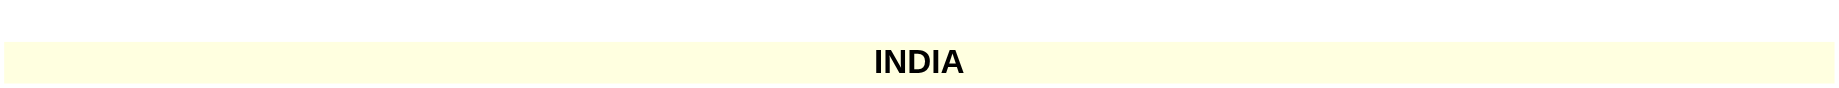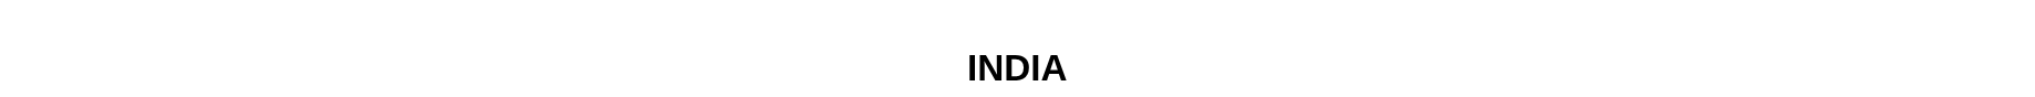 <table style="width:100%; text-align:center;">
 <tr style="color:white;">
 <td style="background:"><strong>39</strong></td>
 </tr>
 <tr>
-<td style="background: lightyellow;"><span><strong>INDIA</strong></span></td>
+<td><span><strong>INDIA</strong></span></td>
 </tr>
 </table>
